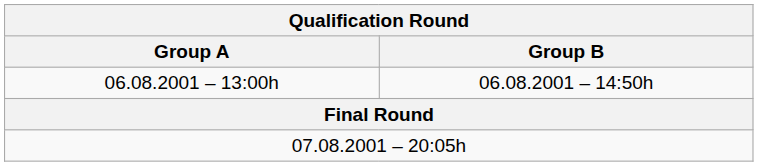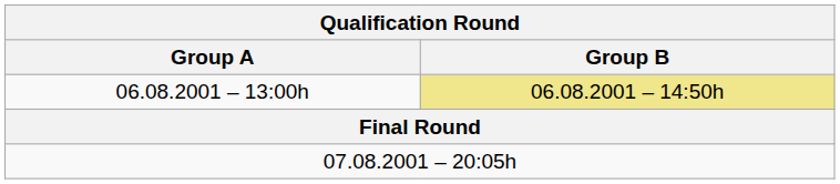 <table class="wikitable" style=" text-align:center; font-size:110%;" width="35%">
 <tr>
 <th colspan="2">Qualification Round</th>
 </tr>
 <tr>
 <th>Group A</th>
 <th>Group B</th>
 </tr>
 <tr>
 <td>06.08.2001 – 13:00h</td>
-<td>06.08.2001 – 14:50h</td>
+<td style="background: khaki;">06.08.2001 – 14:50h</td>
 </tr>
 <tr>
 <th colspan="2">Final Round</th>
 </tr>
 <tr>
 <td colspan="2">07.08.2001 – 20:05h</td>
 </tr>
 </table>
